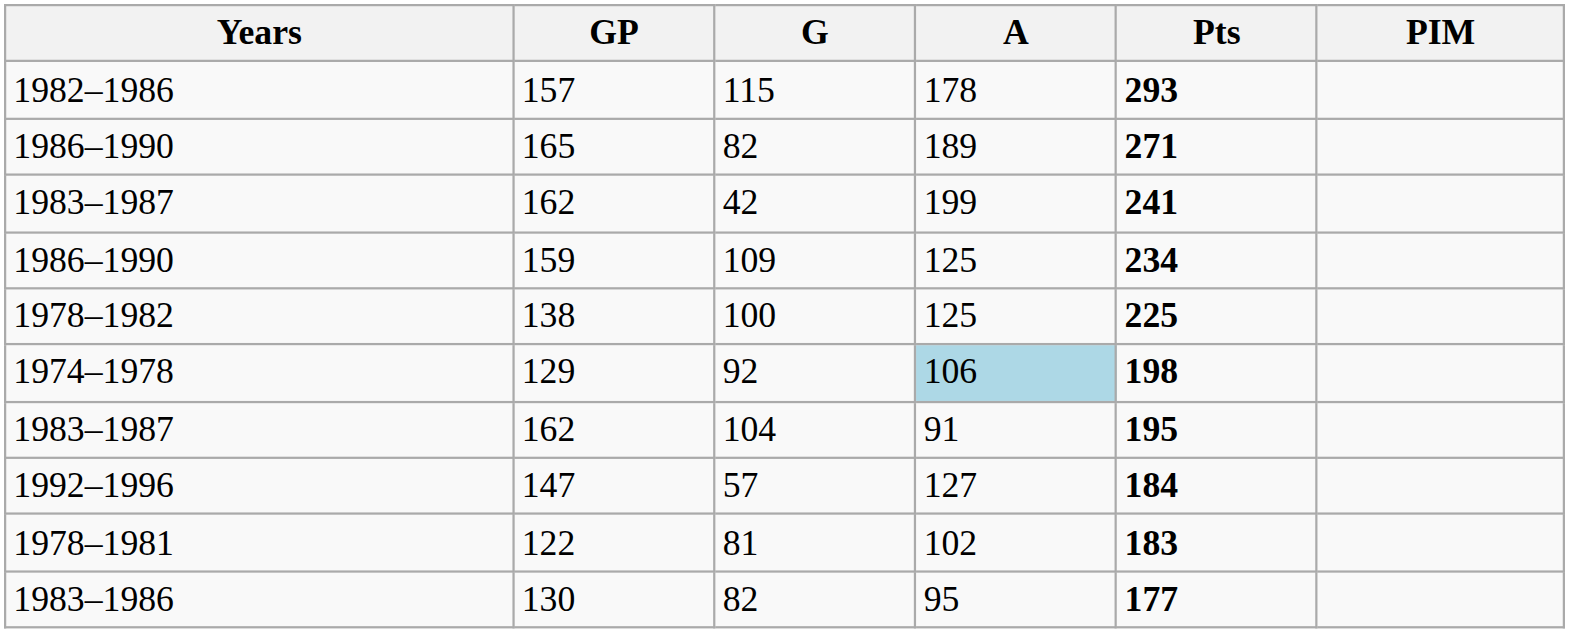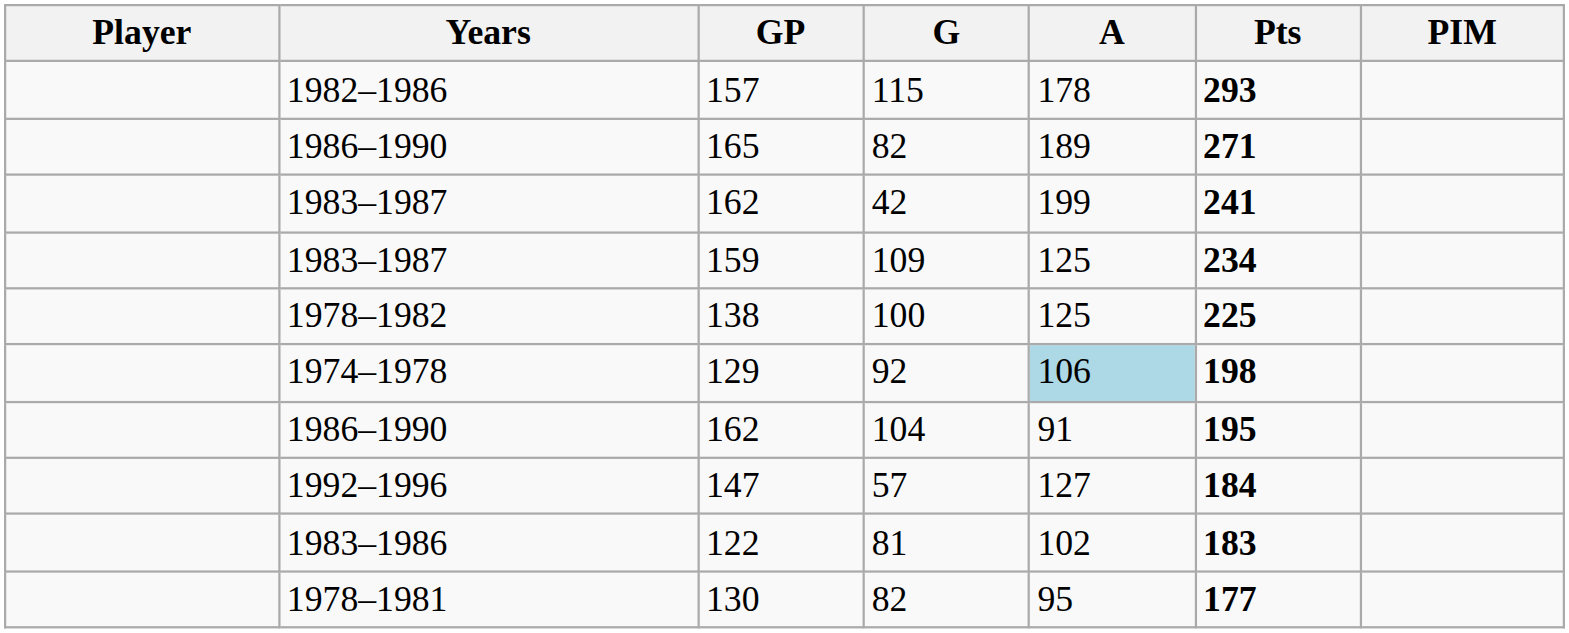 <table class="wikitable sortable" width ="700" cellpadding="1" border="1" cellspacing="0">
 <tr>
+<th>Player</th>
 <th>Years</th>
 <th>GP</th>
 <th>G</th>
 <th>A</th>
 <th>Pts</th>
 <th>PIM</th>
 </tr>
 <tr>
+<td></td>
 <td>1982–1986</td>
 <td>157</td>
 <td>115</td>
 <td>178</td>
 <td><strong>293</strong></td>
 <td></td>
 </tr>
 <tr>
+<td></td>
 <td>1986–1990</td>
 <td>165</td>
 <td>82</td>
 <td>189</td>
 <td><strong>271</strong></td>
 <td></td>
 </tr>
 <tr>
+<td></td>
 <td>1983–1987</td>
 <td>162</td>
 <td>42</td>
 <td>199</td>
 <td><strong>241</strong></td>
 <td></td>
 </tr>
 <tr>
-<td>1986–1990</td>
+<td></td>
+<td>1983–1987</td>
 <td>159</td>
 <td>109</td>
 <td>125</td>
 <td><strong>234</strong></td>
 <td></td>
 </tr>
 <tr>
+<td></td>
 <td>1978–1982</td>
 <td>138</td>
 <td>100</td>
 <td>125</td>
 <td><strong>225</strong></td>
 <td></td>
 </tr>
 <tr>
+<td></td>
 <td>1974–1978</td>
 <td>129</td>
 <td>92</td>
 <td style="background: lightblue;">106</td>
 <td><strong>198</strong></td>
 <td></td>
 </tr>
 <tr>
-<td>1983–1987</td>
+<td></td>
+<td>1986–1990</td>
 <td>162</td>
 <td>104</td>
 <td>91</td>
 <td><strong>195</strong></td>
 <td></td>
 </tr>
 <tr>
+<td></td>
 <td>1992–1996</td>
 <td>147</td>
 <td>57</td>
 <td>127</td>
 <td><strong>184</strong></td>
 <td></td>
 </tr>
 <tr>
-<td>1978–1981</td>
+<td></td>
+<td>1983–1986</td>
 <td>122</td>
 <td>81</td>
 <td>102</td>
 <td><strong>183</strong></td>
 <td></td>
 </tr>
 <tr>
-<td>1983–1986</td>
+<td></td>
+<td>1978–1981</td>
 <td>130</td>
 <td>82</td>
 <td>95</td>
 <td><strong>177</strong></td>
 <td></td>
 </tr>
 </table>
